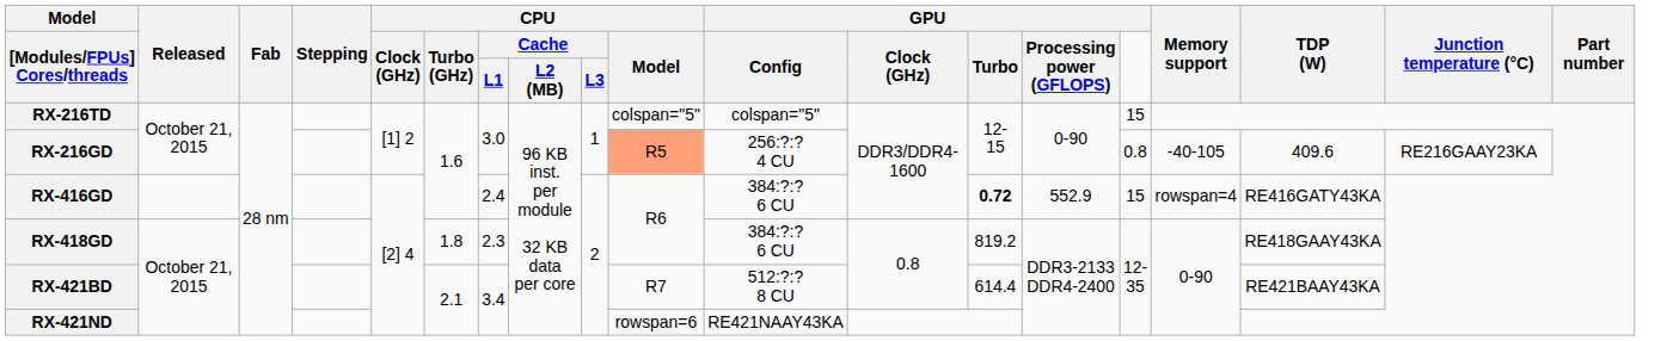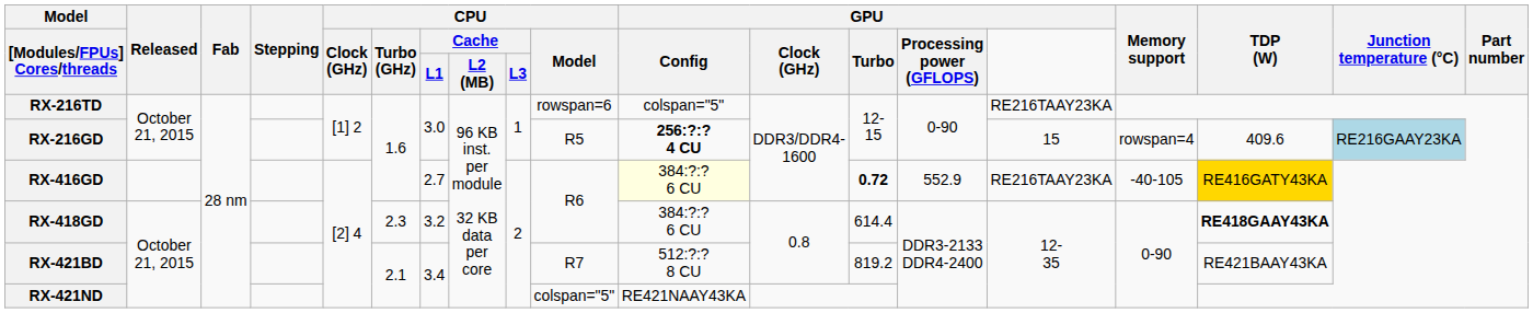 <table class="wikitable sortable sort-under" style="text-align: center">
 <tr>
 <th>Model</th>
 <th rowspan="3">Released</th>
 <th rowspan="3">Fab</th>
 <th rowspan="3">Stepping</th>
 <th colspan="6">CPU</th>
 <th colspan="5">GPU</th>
 <th rowspan="3">Memory<br>support</th>
 <th rowspan="3">TDP<br>(W)</th>
 <th rowspan="3"><a href='#'>Junction temperature</a> (°C)</th>
 <th rowspan="3">Part number</th>
 </tr>
 <tr>
 <th rowspan="2">[Modules/<a href='#'>FPUs</a>]<br><a href='#'>Cores</a>/<a href='#'>threads</a></th>
 <th rowspan="2">Clock<br>(GHz)</th>
 <th rowspan="2">Turbo<br>(GHz)</th>
 <th colspan=3><a href='#'>Cache</a></th>
 <th rowspan="2">Model</th>
 <th rowspan="2">Config</th>
 <th rowspan="2">Clock<br>(GHz)</th>
 <th rowspan="2">Turbo</th>
 <th rowspan="2">Processing<br>power<br>(<a href='#'>GFLOPS</a>)</th>
 </tr>
 <tr>
 <th><a href='#'>L1</a></th>
 <th><a href='#'>L2</a><br>(MB)</th>
 <th><a href='#'>L3</a></th>
 </tr>
 <tr>
 <th>RX-216TD</th>
 <td rowspan="2">October 21, 2015</td>
 <td rowspan="6">28 nm</td>
 <td></td>
 <td rowspan="2">[1] 2</td>
 <td rowspan="3">1.6</td>
 <td rowspan="2">3.0</td>
 <td rowspan="6">96 KB inst.<br>per module<br><br>32 KB data<br>per core</td>
 <td rowspan="2">1</td>
-<td>colspan="5" </td>
+<td>rowspan=6 </td>
 <td>colspan="5" </td>
 <td rowspan="3">DDR3/DDR4-1600</td>
 <td rowspan="2">12-<br>15</td>
 <td rowspan="2">0-90</td>
-<td>15</td>
+<td>RE216TAAY23KA</td>
 </tr>
 <tr>
 <th>RX-216GD</th>
 <td></td>
-<td style="background: lightsalmon;">R5</td>
-<td>256:?:?<br>4 CU</td>
-<td>0.8</td>
-<td>-40-105</td>
+<td>R5</td>
+<td><strong>256:?:?<br>4 CU</strong></td>
+<td>15</td>
+<td>rowspan=4 </td>
 <td>409.6</td>
-<td>RE216GAAY23KA</td>
+<td style="background: lightblue;">RE216GAAY23KA</td>
 </tr>
 <tr>
 <th>RX-416GD</th>
 <td></td>
 <td></td>
 <td rowspan="4">[2] 4</td>
-<td>2.4</td>
+<td>2.7</td>
 <td rowspan="4">2</td>
 <td rowspan="2">R6</td>
-<td>384:?:?<br>6 CU</td>
+<td style="background: lightyellow;">384:?:?<br>6 CU</td>
 <td><strong>0.72</strong></td>
 <td>552.9</td>
-<td>15</td>
-<td>rowspan=4 </td>
-<td>RE416GATY43KA</td>
+<td>RE216TAAY23KA</td>
+<td>-40-105</td>
+<td style="background: gold;">RE416GATY43KA</td>
 </tr>
 <tr>
 <th>RX-418GD</th>
 <td rowspan="3">October 21, 2015</td>
 <td></td>
-<td>1.8</td>
 <td>2.3</td>
+<td>3.2</td>
 <td>384:?:?<br>6 CU</td>
 <td rowspan="2">0.8</td>
-<td>819.2</td>
+<td>614.4</td>
 <td rowspan="3">DDR3-2133<br>DDR4-2400</td>
 <td rowspan="3">12-<br>35</td>
 <td rowspan="3">0-90</td>
-<td>RE418GAAY43KA</td>
+<td><strong>RE418GAAY43KA</strong></td>
 </tr>
 <tr>
 <th>RX-421BD</th>
 <td></td>
 <td rowspan="2">2.1</td>
 <td rowspan="2">3.4</td>
 <td>R7</td>
 <td>512:?:?<br>8 CU</td>
-<td>614.4</td>
+<td>819.2</td>
 <td>RE421BAAY43KA</td>
 </tr>
 <tr>
 <th>RX-421ND</th>
 <td></td>
-<td>rowspan=6 </td>
+<td>colspan="5" </td>
 <td>RE421NAAY43KA</td>
 </tr>
 </table>
